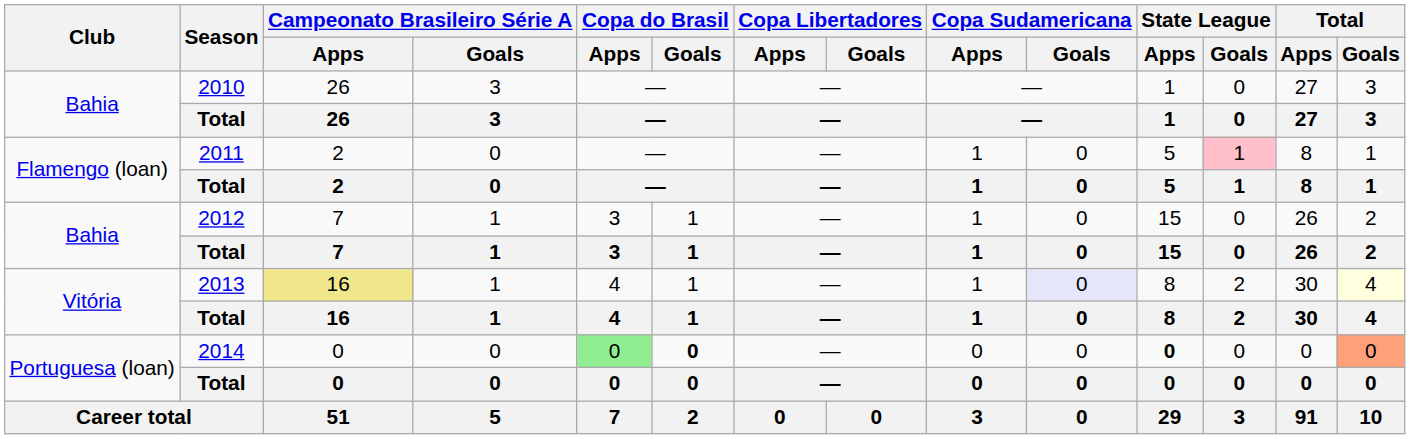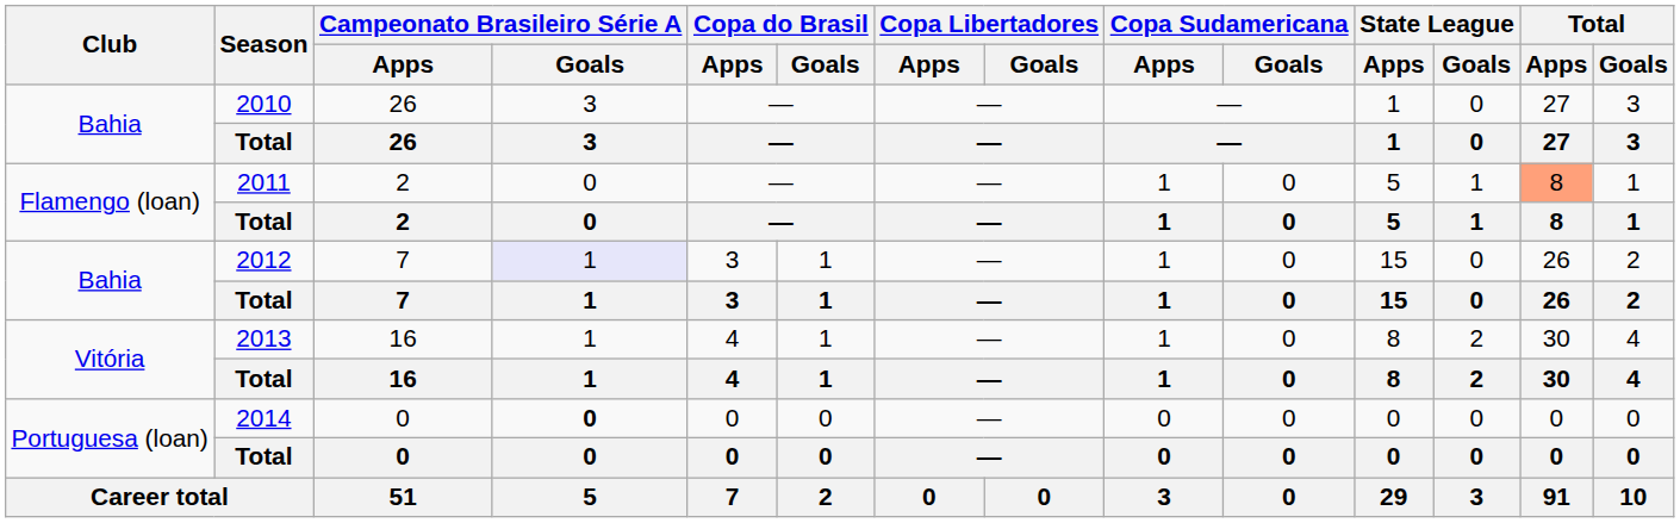 <table class="wikitable" style="text-align: center;">
 <tr>
 <th rowspan="2">Club</th>
 <th rowspan="2">Season</th>
 <th colspan="2"><a href='#'>Campeonato Brasileiro Série A</a></th>
 <th colspan="2"><a href='#'>Copa do Brasil</a></th>
 <th colspan="2"><a href='#'>Copa Libertadores</a></th>
 <th colspan="2"><a href='#'>Copa Sudamericana</a></th>
 <th colspan="2">State League</th>
 <th colspan="2">Total</th>
 </tr>
 <tr>
 <th>Apps</th>
 <th>Goals</th>
 <th>Apps</th>
 <th>Goals</th>
 <th>Apps</th>
 <th>Goals</th>
 <th>Apps</th>
 <th>Goals</th>
 <th>Apps</th>
 <th>Goals</th>
 <th>Apps</th>
 <th>Goals</th>
 </tr>
 <tr>
 <td rowspan="2" valign="center"><a href='#'>Bahia</a></td>
 <td><a href='#'>2010</a></td>
 <td>26</td>
 <td>3</td>
 <td colspan="2">—</td>
 <td colspan="2">—</td>
 <td colspan="2">—</td>
 <td>1</td>
 <td>0</td>
 <td>27</td>
 <td>3</td>
 </tr>
 <tr>
 <th colspan="1"><strong>Total</strong></th>
 <th>26</th>
 <th>3</th>
 <th colspan="2">—</th>
 <th colspan="2">—</th>
 <th colspan="2">—</th>
 <th>1</th>
 <th>0</th>
 <th>27</th>
 <th>3</th>
 </tr>
 <tr>
 <td rowspan="2" valign="center"><a href='#'>Flamengo</a> (loan)</td>
 <td><a href='#'>2011</a></td>
 <td>2</td>
 <td>0</td>
 <td colspan="2">—</td>
 <td colspan="2">—</td>
 <td>1</td>
 <td>0</td>
 <td>5</td>
-<td style="background: pink;">1</td>
-<td>8</td>
+<td>1</td>
+<td style="background: lightsalmon;">8</td>
 <td>1</td>
 </tr>
 <tr>
 <th colspan="1"><strong>Total</strong></th>
 <th>2</th>
 <th>0</th>
 <th colspan="2">—</th>
 <th colspan="2">—</th>
 <th>1</th>
 <th>0</th>
 <th>5</th>
 <th>1</th>
 <th>8</th>
 <th>1</th>
 </tr>
 <tr>
 <td rowspan="2" valign="center"><a href='#'>Bahia</a></td>
 <td><a href='#'>2012</a></td>
 <td>7</td>
-<td>1</td>
+<td style="background: lavender;">1</td>
 <td>3</td>
 <td>1</td>
 <td colspan="2">—</td>
 <td>1</td>
 <td>0</td>
 <td>15</td>
 <td>0</td>
 <td>26</td>
 <td>2</td>
 </tr>
 <tr>
 <th colspan="1"><strong>Total</strong></th>
 <th>7</th>
 <th>1</th>
 <th>3</th>
 <th>1</th>
 <th colspan="2">—</th>
 <th>1</th>
 <th>0</th>
 <th>15</th>
 <th>0</th>
 <th>26</th>
 <th>2</th>
 </tr>
 <tr>
 <td rowspan="2" valign="center"><a href='#'>Vitória</a></td>
 <td><a href='#'>2013</a></td>
-<td style="background: khaki;">16</td>
+<td>16</td>
 <td>1</td>
 <td>4</td>
 <td>1</td>
 <td colspan="2">—</td>
 <td>1</td>
-<td style="background: lavender;">0</td>
+<td>0</td>
 <td>8</td>
 <td>2</td>
 <td>30</td>
-<td style="background: lightyellow;">4</td>
+<td>4</td>
 </tr>
 <tr>
 <th colspan="1"><strong>Total</strong></th>
 <th>16</th>
 <th>1</th>
 <th>4</th>
 <th>1</th>
 <th colspan="2">—</th>
 <th>1</th>
 <th>0</th>
 <th>8</th>
 <th>2</th>
 <th>30</th>
 <th>4</th>
 </tr>
 <tr>
 <td rowspan="2" valign="center"><a href='#'>Portuguesa</a> (loan)</td>
 <td><a href='#'>2014</a></td>
 <td>0</td>
+<td><strong>0</strong></td>
 <td>0</td>
-<td style="background: lightgreen;">0</td>
-<td><strong>0</strong></td>
+<td>0</td>
 <td colspan="2">—</td>
 <td>0</td>
 <td>0</td>
-<td><strong>0</strong></td>
 <td>0</td>
 <td>0</td>
-<td style="background: lightsalmon;">0</td>
+<td>0</td>
+<td>0</td>
 </tr>
 <tr>
 <th colspan="1"><strong>Total</strong></th>
 <th>0</th>
 <th>0</th>
 <th>0</th>
 <th>0</th>
 <th colspan="2">—</th>
 <th>0</th>
 <th>0</th>
 <th>0</th>
 <th>0</th>
 <th>0</th>
 <th>0</th>
 </tr>
 <tr>
 <th colspan="2"><strong>Career total</strong></th>
 <th>51</th>
 <th>5</th>
 <th>7</th>
 <th>2</th>
 <th>0</th>
 <th>0</th>
 <th>3</th>
 <th>0</th>
 <th>29</th>
 <th>3</th>
 <th>91</th>
 <th>10</th>
 </tr>
 </table>
